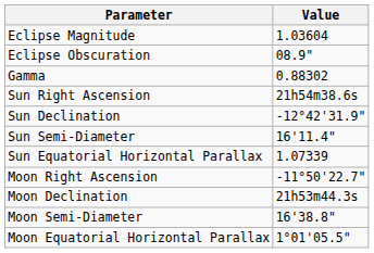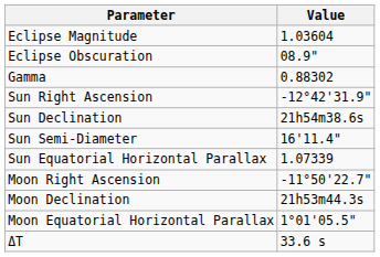 <table class="wikitable">
 <tr>
 <th>Parameter</th>
 <th>Value</th>
 </tr>
 <tr>
 <td>Eclipse Magnitude</td>
 <td>1.03604</td>
 </tr>
 <tr>
 <td>Eclipse Obscuration</td>
 <td>08.9"</td>
 </tr>
 <tr>
 <td>Gamma</td>
 <td>0.88302</td>
 </tr>
 <tr>
 <td>Sun Right Ascension</td>
-<td>21h54m38.6s</td>
+<td>-12°42'31.9"</td>
 </tr>
 <tr>
 <td>Sun Declination</td>
-<td>-12°42'31.9"</td>
+<td>21h54m38.6s</td>
 </tr>
 <tr>
 <td>Sun Semi-Diameter</td>
 <td>16'11.4"</td>
 </tr>
 <tr>
 <td>Sun Equatorial Horizontal Parallax</td>
 <td>1.07339</td>
 </tr>
 <tr>
 <td>Moon Right Ascension</td>
 <td>-11°50'22.7"</td>
 </tr>
 <tr>
 <td>Moon Declination</td>
 <td>21h53m44.3s</td>
 </tr>
 <tr>
-<td>Moon Semi-Diameter</td>
-<td>16'38.8"</td>
-</tr>
-<tr>
 <td>Moon Equatorial Horizontal Parallax</td>
 <td>1°01'05.5"</td>
 </tr>
+<tr>
+<td>ΔT</td>
+<td>33.6 s</td>
+</tr>
 </table>
